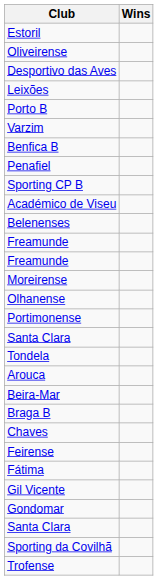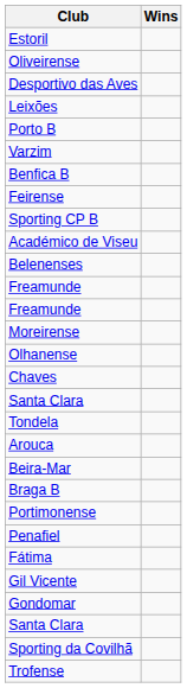 <table class="wikitable sortable" style="border-collapse:collapse">
 <tr>
 <th>Club</th>
 <th>Wins</th>
 </tr>
 <tr>
 <td><a href='#'>Estoril</a></td>
 <td align="center"></td>
 </tr>
 <tr>
 <td><a href='#'>Oliveirense</a></td>
 <td align="center"></td>
 </tr>
 <tr>
 <td><a href='#'>Desportivo das Aves</a></td>
 <td align="center"></td>
 </tr>
 <tr>
 <td><a href='#'>Leixões</a></td>
 <td align="center"></td>
 </tr>
 <tr>
 <td><a href='#'>Porto B</a></td>
 <td align="center"></td>
 </tr>
 <tr>
 <td><a href='#'>Varzim</a></td>
 <td align="center"></td>
 </tr>
 <tr>
 <td><a href='#'>Benfica B</a></td>
 <td align="center"></td>
 </tr>
 <tr>
-<td><a href='#'>Penafiel</a></td>
+<td><a href='#'>Feirense</a></td>
 <td align="center"></td>
 </tr>
 <tr>
 <td><a href='#'>Sporting CP B</a></td>
 <td align="center"></td>
 </tr>
 <tr>
 <td><a href='#'>Académico de Viseu</a></td>
 <td align="center"></td>
 </tr>
 <tr>
 <td><a href='#'>Belenenses</a></td>
 <td align="center"></td>
 </tr>
 <tr>
 <td><a href='#'>Freamunde</a></td>
 <td align="center"></td>
 </tr>
 <tr>
 <td><a href='#'>Freamunde</a></td>
 <td align="center"></td>
 </tr>
 <tr>
 <td><a href='#'>Moreirense</a></td>
 <td align="center"></td>
 </tr>
 <tr>
 <td><a href='#'>Olhanense</a></td>
 <td align="center"></td>
 </tr>
 <tr>
-<td><a href='#'>Portimonense</a></td>
+<td><a href='#'>Chaves</a></td>
 <td align="center"></td>
 </tr>
 <tr>
 <td><a href='#'>Santa Clara</a></td>
 <td align="center"></td>
 </tr>
 <tr>
 <td><a href='#'>Tondela</a></td>
 <td align="center"></td>
 </tr>
 <tr>
 <td><a href='#'>Arouca</a></td>
 <td align="center"></td>
 </tr>
 <tr>
 <td><a href='#'>Beira-Mar</a></td>
 <td align="center"></td>
 </tr>
 <tr>
 <td><a href='#'>Braga B</a></td>
 <td align="center"></td>
 </tr>
 <tr>
-<td><a href='#'>Chaves</a></td>
+<td><a href='#'>Portimonense</a></td>
 <td align="center"></td>
 </tr>
 <tr>
-<td><a href='#'>Feirense</a></td>
+<td><a href='#'>Penafiel</a></td>
 <td align="center"></td>
 </tr>
 <tr>
 <td><a href='#'>Fátima</a></td>
 <td align="center"></td>
 </tr>
 <tr>
 <td><a href='#'>Gil Vicente</a></td>
 <td align="center"></td>
 </tr>
 <tr>
 <td><a href='#'>Gondomar</a></td>
 <td align="center"></td>
 </tr>
 <tr>
 <td><a href='#'>Santa Clara</a></td>
 <td align="center"></td>
 </tr>
 <tr>
 <td><a href='#'>Sporting da Covilhã</a></td>
 <td align="center"></td>
 </tr>
 <tr>
 <td><a href='#'>Trofense</a></td>
 <td align="center"></td>
 </tr>
 </table>
